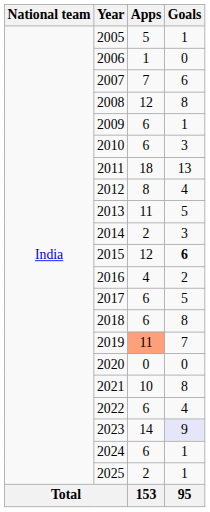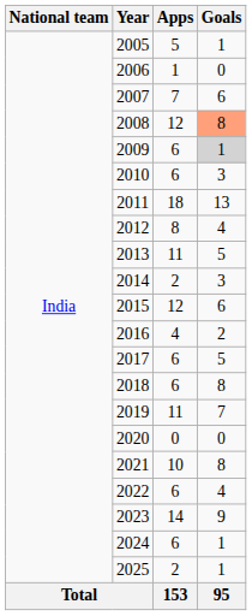 <table class="wikitable sortable" style="text-align:center">
 <tr>
 <th>National team</th>
 <th>Year</th>
 <th>Apps</th>
 <th>Goals</th>
 </tr>
 <tr>
 <td rowspan=21><a href='#'>India</a></td>
 <td>2005</td>
 <td>5</td>
 <td>1</td>
 </tr>
 <tr>
 <td>2006</td>
 <td>1</td>
 <td>0</td>
 </tr>
 <tr>
 <td>2007</td>
 <td>7</td>
 <td>6</td>
 </tr>
 <tr>
 <td>2008</td>
 <td>12</td>
-<td>8</td>
+<td style="background: lightsalmon;">8</td>
 </tr>
 <tr>
 <td>2009</td>
 <td>6</td>
-<td>1</td>
+<td style="background: lightgrey;">1</td>
 </tr>
 <tr>
 <td>2010</td>
 <td>6</td>
 <td>3</td>
 </tr>
 <tr>
 <td>2011</td>
 <td>18</td>
 <td>13</td>
 </tr>
 <tr>
 <td>2012</td>
 <td>8</td>
 <td>4</td>
 </tr>
 <tr>
 <td>2013</td>
 <td>11</td>
 <td>5</td>
 </tr>
 <tr>
 <td>2014</td>
 <td>2</td>
 <td>3</td>
 </tr>
 <tr>
 <td>2015</td>
 <td>12</td>
-<td><strong>6</strong></td>
+<td>6</td>
 </tr>
 <tr>
 <td>2016</td>
 <td>4</td>
 <td>2</td>
 </tr>
 <tr>
 <td>2017</td>
 <td>6</td>
 <td>5</td>
 </tr>
 <tr>
 <td>2018</td>
 <td>6</td>
 <td>8</td>
 </tr>
 <tr>
 <td>2019</td>
-<td style="background: lightsalmon;">11</td>
+<td>11</td>
 <td>7</td>
 </tr>
 <tr>
 <td>2020</td>
 <td>0</td>
 <td>0</td>
 </tr>
 <tr>
 <td>2021</td>
 <td>10</td>
 <td>8</td>
 </tr>
 <tr>
 <td>2022</td>
 <td>6</td>
 <td>4</td>
 </tr>
 <tr>
 <td>2023</td>
 <td>14</td>
-<td style="background: lavender;">9</td>
+<td>9</td>
 </tr>
 <tr>
 <td>2024</td>
 <td>6</td>
 <td>1</td>
 </tr>
 <tr>
 <td>2025</td>
 <td>2</td>
 <td>1</td>
 </tr>
 <tr>
 <th colspan=2>Total</th>
 <th>153</th>
 <th>95</th>
 </tr>
 </table>
